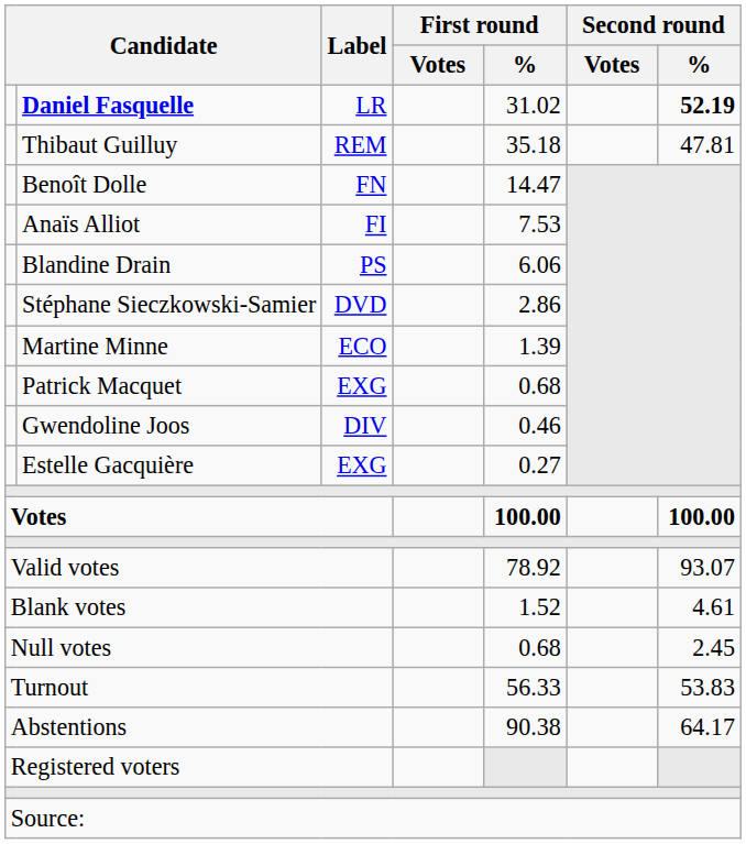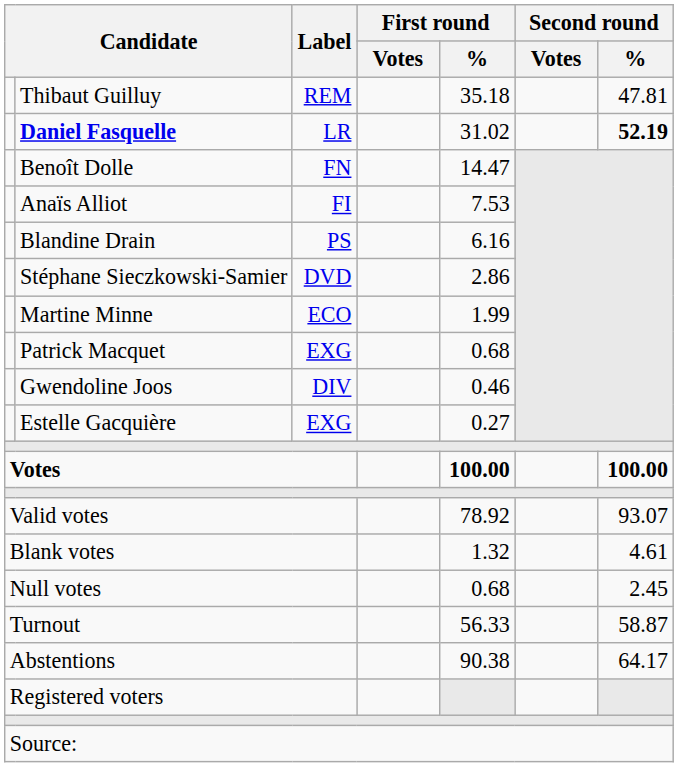 <table class="wikitable" style="text-align:right;font-size:95%;">
 <tr>
 <th rowspan="2" colspan="2">Candidate</th>
 <th rowspan="2">Label</th>
 <th colspan="2">First round</th>
 <th colspan="2">Second round</th>
 </tr>
 <tr>
 <th style="width:50px;">Votes</th>
 <th style="width:45px;">%</th>
 <th style="width:50px;">Votes</th>
 <th style="width:45px;">%</th>
 </tr>
 <tr>
 <td style="color:inherit;background:"></td>
+<td style="text-align:left;">Thibaut Guilluy</td>
+<td><a href='#'>REM</a></td>
+<td></td>
+<td>35.18</td>
+<td></td>
+<td>47.81</td>
+</tr>
+<tr>
+<td style="color:inherit;background:"></td>
 <td style="text-align:left;"><strong><a href='#'>Daniel Fasquelle</a></strong></td>
 <td><a href='#'>LR</a></td>
 <td></td>
 <td>31.02</td>
 <td><strong></strong></td>
 <td><strong>52.19</strong></td>
-</tr>
-<tr>
-<td style="color:inherit;background:"></td>
-<td style="text-align:left;">Thibaut Guilluy</td>
-<td><a href='#'>REM</a></td>
-<td></td>
-<td>35.18</td>
-<td></td>
-<td>47.81</td>
 </tr>
 <tr>
 <td style="color:inherit;background:"></td>
 <td style="text-align:left;">Benoît Dolle</td>
 <td><a href='#'>FN</a></td>
 <td></td>
 <td>14.47</td>
 <td colspan="2" rowspan="8" style="background:#E9E9E9;"></td>
 </tr>
 <tr>
 <td style="color:inherit;background:"></td>
 <td style="text-align:left;">Anaïs Alliot</td>
 <td><a href='#'>FI</a></td>
 <td></td>
 <td>7.53</td>
 </tr>
 <tr>
 <td style="color:inherit;background:"></td>
 <td style="text-align:left;">Blandine Drain</td>
 <td><a href='#'>PS</a></td>
 <td></td>
-<td>6.06</td>
+<td>6.16</td>
 </tr>
 <tr>
 <td style="color:inherit;background:"></td>
 <td style="text-align:left;">Stéphane Sieczkowski-Samier</td>
 <td><a href='#'>DVD</a></td>
 <td></td>
 <td>2.86</td>
 </tr>
 <tr>
 <td style="color:inherit;background:"></td>
 <td style="text-align:left;">Martine Minne</td>
 <td><a href='#'>ECO</a></td>
 <td></td>
-<td>1.39</td>
+<td>1.99</td>
 </tr>
 <tr>
 <td style="color:inherit;background:"></td>
 <td style="text-align:left;">Patrick Macquet</td>
 <td><a href='#'>EXG</a></td>
 <td></td>
 <td>0.68</td>
 </tr>
 <tr>
 <td style="color:inherit;background:"></td>
 <td style="text-align:left;">Gwendoline Joos</td>
 <td><a href='#'>DIV</a></td>
 <td></td>
 <td>0.46</td>
 </tr>
 <tr>
 <td style="color:inherit;background:"></td>
 <td style="text-align:left;">Estelle Gacquière</td>
 <td><a href='#'>EXG</a></td>
 <td></td>
 <td>0.27</td>
 </tr>
 <tr>
 <td colspan="7" style="background:#E9E9E9;"></td>
 </tr>
 <tr style="font-weight:bold;">
 <td colspan="3" style="text-align:left;">Votes</td>
 <td></td>
 <td>100.00</td>
 <td></td>
 <td>100.00</td>
 </tr>
 <tr>
 <td colspan="7" style="background:#E9E9E9;"></td>
 </tr>
 <tr>
 <td colspan="3" style="text-align:left;">Valid votes</td>
 <td></td>
 <td>78.92</td>
 <td></td>
 <td>93.07</td>
 </tr>
 <tr>
 <td colspan="3" style="text-align:left;">Blank votes</td>
 <td></td>
-<td>1.52</td>
+<td>1.32</td>
 <td></td>
 <td>4.61</td>
 </tr>
 <tr>
 <td colspan="3" style="text-align:left;">Null votes</td>
 <td></td>
 <td>0.68</td>
 <td></td>
 <td>2.45</td>
 </tr>
 <tr>
 <td colspan="3" style="text-align:left;">Turnout</td>
 <td></td>
 <td>56.33</td>
 <td></td>
-<td>53.83</td>
+<td>58.87</td>
 </tr>
 <tr>
 <td colspan="3" style="text-align:left;">Abstentions</td>
 <td></td>
 <td>90.38</td>
 <td></td>
 <td>64.17</td>
 </tr>
 <tr>
 <td colspan="3" style="text-align:left;">Registered voters</td>
 <td></td>
 <td style="background:#E9E9E9;"></td>
 <td></td>
 <td style="background:#E9E9E9;"></td>
 </tr>
 <tr>
 <td colspan="7" style="background:#E9E9E9;"></td>
 </tr>
 <tr>
 <td colspan="7" style="text-align:left;">Source: </td>
 </tr>
 </table>
